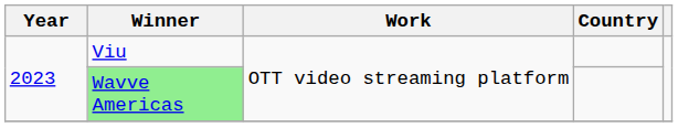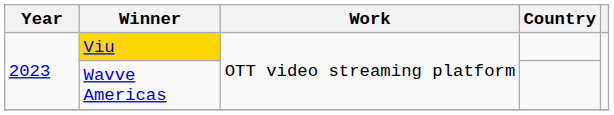 <table class="wikitable" align="center" |>
 <tr>
 <th style="width:50px">Year</th>
 <th style="width:100px">Winner</th>
 <th>Work</th>
 <th>Country</th>
 <th></th>
 </tr>
 <tr>
 <td rowspan="2"><a href='#'>2023</a></td>
-<td><a href='#'>Viu</a></td>
+<td style="background: gold;"><a href='#'>Viu</a></td>
 <td rowspan="2">OTT video streaming platform</td>
 <td></td>
 <td rowspan="2" style="text-align: center;"></td>
 </tr>
 <tr>
-<td style="background: lightgreen;"><a href='#'>Wavve Americas</a></td>
+<td><a href='#'>Wavve Americas</a></td>
 <td></td>
 </tr>
 <tr>
 </tr>
 </table>
